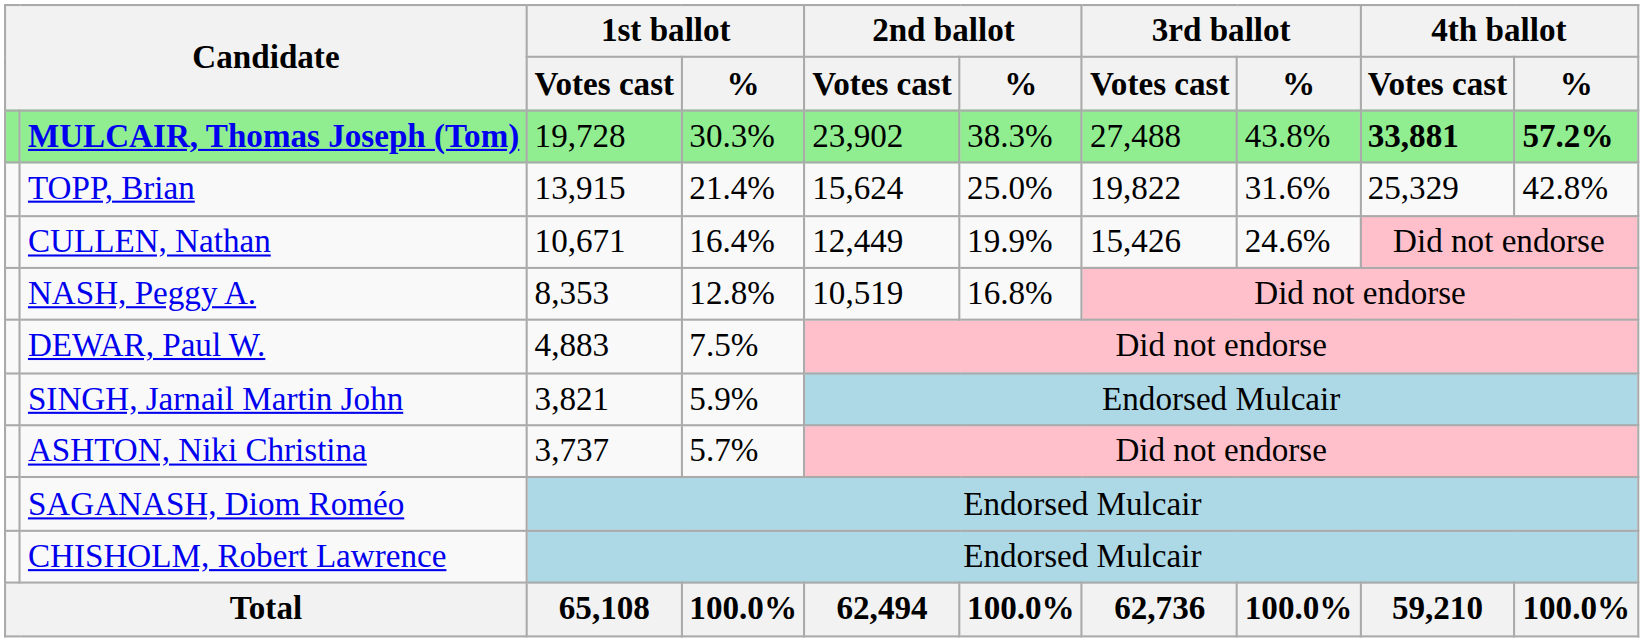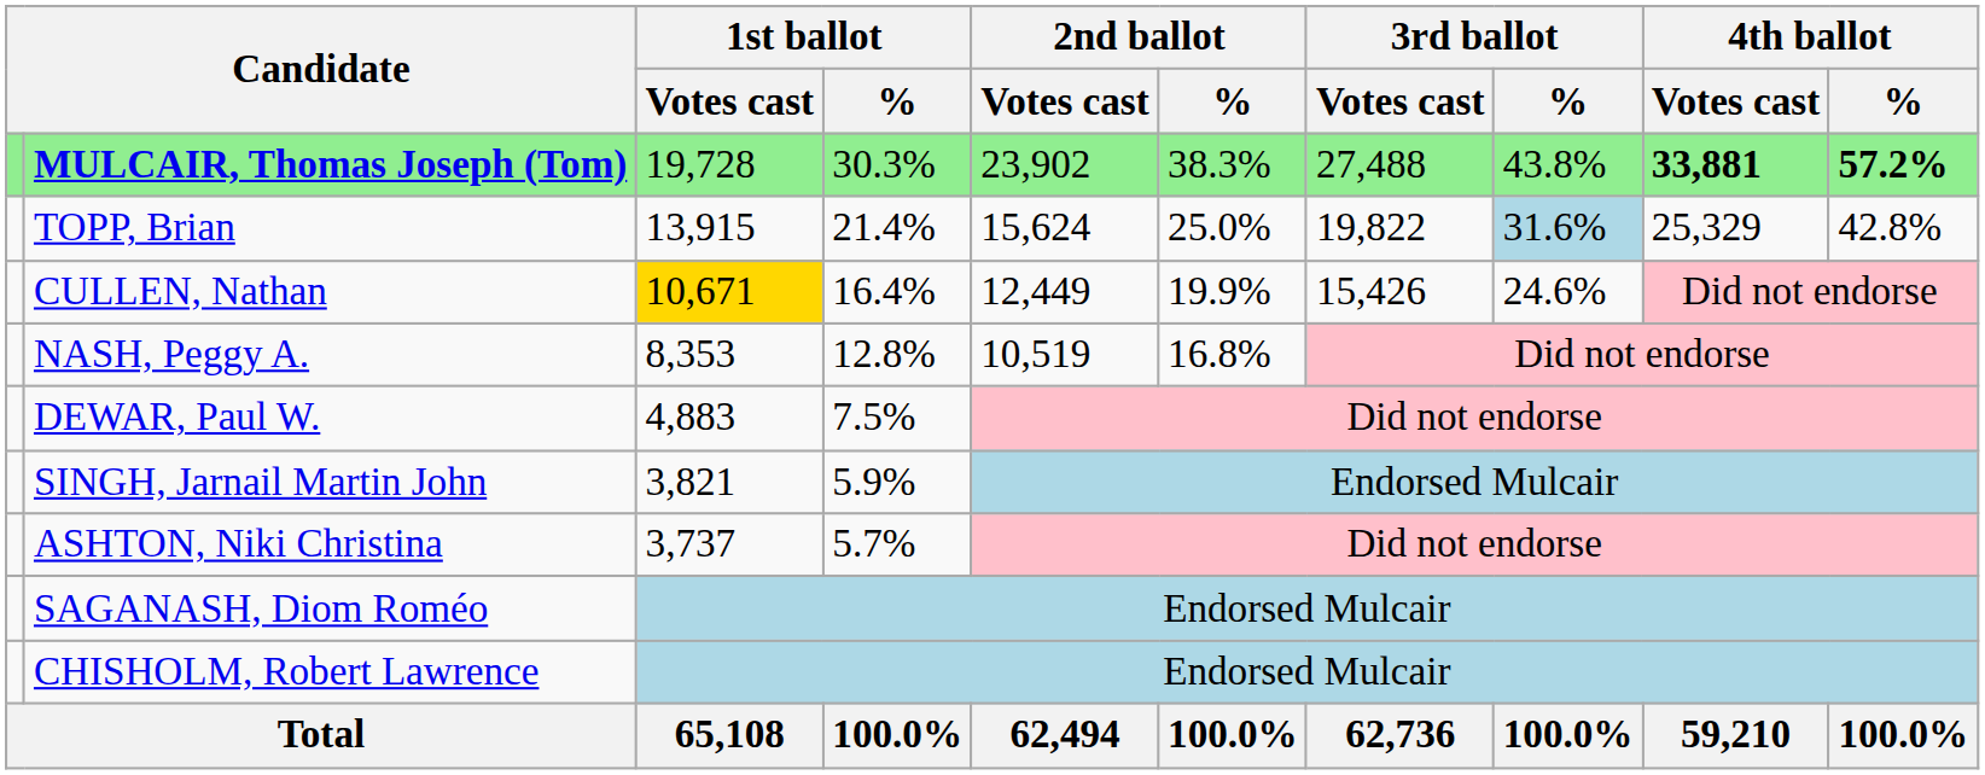 <table class="wikitable">
 <tr>
 <th rowspan="2" colspan="2">Candidate</th>
 <th colspan="2">1st ballot</th>
 <th colspan="2">2nd ballot</th>
 <th colspan="2">3rd ballot</th>
 <th colspan="2">4th ballot</th>
 </tr>
 <tr>
 <th>Votes cast</th>
 <th>%</th>
 <th>Votes cast</th>
 <th>%</th>
 <th>Votes cast</th>
 <th>%</th>
 <th>Votes cast</th>
 <th>%</th>
 </tr>
 <tr style="background:lightgreen;">
 <td></td>
 <td><strong><a href='#'>MULCAIR, Thomas Joseph (Tom)</a></strong></td>
 <td>19,728</td>
 <td>30.3%</td>
 <td>23,902</td>
 <td>38.3%</td>
 <td>27,488</td>
 <td>43.8%</td>
 <td><strong>33,881</strong></td>
 <td><strong>57.2%</strong></td>
 </tr>
 <tr>
 <td></td>
 <td><a href='#'>TOPP, Brian</a></td>
 <td>13,915</td>
 <td>21.4%</td>
 <td>15,624</td>
 <td>25.0%</td>
 <td>19,822</td>
-<td>31.6%</td>
+<td style="background: lightblue;">31.6%</td>
 <td>25,329</td>
 <td>42.8%</td>
 </tr>
 <tr>
 <td></td>
 <td><a href='#'>CULLEN, Nathan</a></td>
-<td>10,671</td>
+<td style="background: gold;">10,671</td>
 <td>16.4%</td>
 <td>12,449</td>
 <td>19.9%</td>
 <td>15,426</td>
 <td>24.6%</td>
 <td style="text-align:center; background:pink;" colspan="2">Did not endorse</td>
 </tr>
 <tr>
 <td></td>
 <td><a href='#'>NASH, Peggy A.</a></td>
 <td>8,353</td>
 <td>12.8%</td>
 <td>10,519</td>
 <td>16.8%</td>
 <td style="text-align:center; background:pink;" colspan="4">Did not endorse</td>
 </tr>
 <tr>
 <td></td>
 <td><a href='#'>DEWAR, Paul W.</a></td>
 <td>4,883</td>
 <td>7.5%</td>
 <td style="text-align:center; background:pink;" colspan="6">Did not endorse</td>
 </tr>
 <tr>
 <td></td>
 <td><a href='#'>SINGH, Jarnail Martin John</a></td>
 <td>3,821</td>
 <td>5.9%</td>
 <td style="text-align:center; background:lightblue;" colspan="6">Endorsed Mulcair</td>
 </tr>
 <tr>
 <td></td>
 <td><a href='#'>ASHTON, Niki Christina</a></td>
 <td>3,737</td>
 <td>5.7%</td>
 <td style="text-align:center; background:pink;" colspan="6">Did not endorse</td>
 </tr>
 <tr>
 <td></td>
 <td><a href='#'>SAGANASH, Diom Roméo</a></td>
 <td style="text-align:center; background:lightblue;" colspan="8">Endorsed Mulcair</td>
 </tr>
 <tr>
 <td></td>
 <td><a href='#'>CHISHOLM, Robert Lawrence</a></td>
 <td style="text-align:center; background:lightblue;" colspan="8">Endorsed Mulcair</td>
 </tr>
 <tr>
 <th colspan="2">Total</th>
 <th>65,108</th>
 <th>100.0%</th>
 <th>62,494</th>
 <th>100.0%</th>
 <th>62,736</th>
 <th>100.0%</th>
 <th>59,210</th>
 <th>100.0%</th>
 </tr>
 </table>
